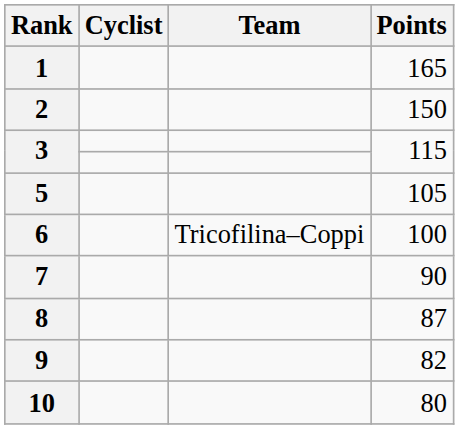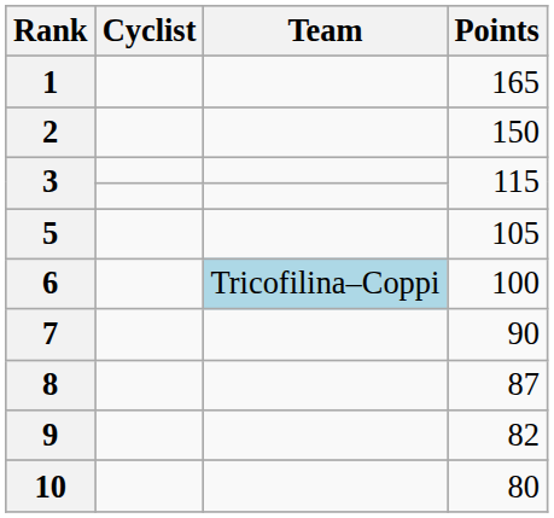 <table class=wikitable>
 <tr>
 <th scope="col">Rank</th>
 <th scope="col">Cyclist</th>
 <th scope="col">Team</th>
 <th scope="col">Points</th>
 </tr>
 <tr>
 <th scope="row">1</th>
 <td></td>
 <td></td>
 <td style="text-align:right;">165</td>
 </tr>
 <tr>
 <th scope="row">2</th>
 <td></td>
 <td></td>
 <td style="text-align:right;">150</td>
 </tr>
 <tr>
 <th scope="row" rowspan="2">3</th>
 <td></td>
 <td></td>
 <td style="text-align:right;" rowspan="2">115</td>
 </tr>
 <tr>
 <td></td>
 <td></td>
 </tr>
 <tr>
 <th scope="row">5</th>
 <td></td>
 <td></td>
 <td style="text-align:right;">105</td>
 </tr>
 <tr>
 <th scope="row">6</th>
 <td></td>
-<td>Tricofilina–Coppi</td>
+<td style="background: lightblue;">Tricofilina–Coppi</td>
 <td style="text-align:right;">100</td>
 </tr>
 <tr>
 <th scope="row">7</th>
 <td></td>
 <td></td>
 <td style="text-align:right;">90</td>
 </tr>
 <tr>
 <th scope="row">8</th>
 <td></td>
 <td></td>
 <td style="text-align:right;">87</td>
 </tr>
 <tr>
 <th scope="row">9</th>
 <td></td>
 <td></td>
 <td style="text-align:right;">82</td>
 </tr>
 <tr>
 <th scope="row">10</th>
 <td></td>
 <td></td>
 <td style="text-align:right;">80</td>
 </tr>
 </table>
